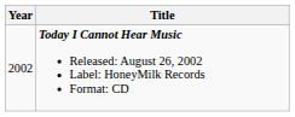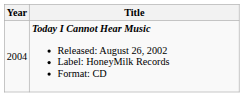 <table class="wikitable">
 <tr>
 <th>Year</th>
 <th style="width:225px;">Title</th>
 </tr>
 <tr>
-<td>2002</td>
+<td>2004</td>
 <td style="width:20em"><strong><em>Today I Cannot Hear Music</em></strong><br><ul><li>Released: August 26, 2002</li><li>Label: HoneyMilk Records </li><li>Format: CD</li></ul></td>
 </tr>
 </table>
